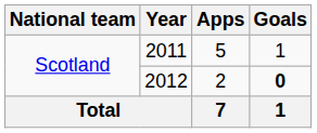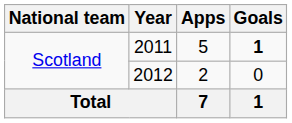 <table class=wikitable style=text-align:center>
 <tr>
 <th>National team</th>
 <th>Year</th>
 <th>Apps</th>
 <th>Goals</th>
 </tr>
 <tr>
 <td rowspan="2"><a href='#'>Scotland</a></td>
 <td>2011</td>
 <td>5</td>
-<td>1</td>
+<td><strong>1</strong></td>
 </tr>
 <tr>
 <td>2012</td>
 <td>2</td>
-<td><strong>0</strong></td>
+<td>0</td>
 </tr>
 <tr>
 <th colspan="2">Total</th>
 <th>7</th>
 <th>1</th>
 </tr>
 </table>
